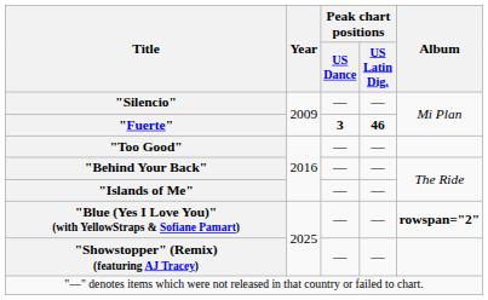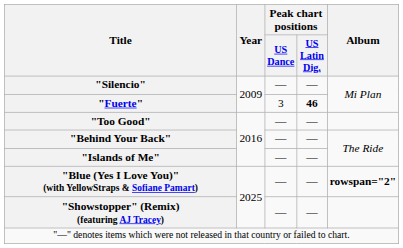 <table class="wikitable plainrowheaders" style="text-align:center;">
 <tr>
 <th scope="col" rowspan="2" style="width:20em;">Title</th>
 <th scope="col" rowspan="2">Year</th>
 <th scope="col" colspan="2">Peak chart positions</th>
 <th scope="col" rowspan="2">Album</th>
 </tr>
 <tr>
 <th scope="col" style="width:2.5em; font-size:90%;"><a href='#'>US<br>Dance</a><br></th>
 <th scope="col" style="width:2.5em; font-size:90%;"><a href='#'>US<br>Latin<br>Dig.</a><br></th>
 </tr>
 <tr>
 <th scope="row">"Silencio"<br></th>
 <td rowspan="2">2009</td>
 <td>—</td>
 <td>—</td>
 <td rowspan="2"><em>Mi Plan</em></td>
 </tr>
 <tr>
 <th scope="row">"<a href='#'>Fuerte</a>"<br></th>
-<td><strong>3</strong></td>
+<td>3</td>
 <td><strong>46</strong></td>
 </tr>
 <tr>
 <th scope="row">"Too Good"</th>
 <td rowspan="3">2016</td>
 <td>—</td>
 <td>—</td>
 <td></td>
 </tr>
 <tr>
 <th scope="row">"Behind Your Back"</th>
 <td>—</td>
 <td>—</td>
 <td rowspan="2"><em>The Ride</em></td>
 </tr>
 <tr>
 <th scope="row">"Islands of Me"</th>
 <td>—</td>
 <td>—</td>
 </tr>
 <tr>
 <th scope="row">"Blue (Yes I Love You)"<br><small>(with YellowStraps & <a href='#'>Sofiane Pamart</a>)</small></th>
 <td rowspan="2">2025</td>
 <td>—</td>
 <td>—</td>
 <td><strong>rowspan="2" </strong></td>
 </tr>
 <tr>
 <th scope="row">"Showstopper" (Remix)<br><small>(featuring <a href='#'>AJ Tracey</a>)</small></th>
 <td>—</td>
 <td>—</td>
 </tr>
 <tr>
 <td colspan="15" style="font-size:85%">"—" denotes items which were not released in that country or failed to chart.</td>
 </tr>
 </table>
